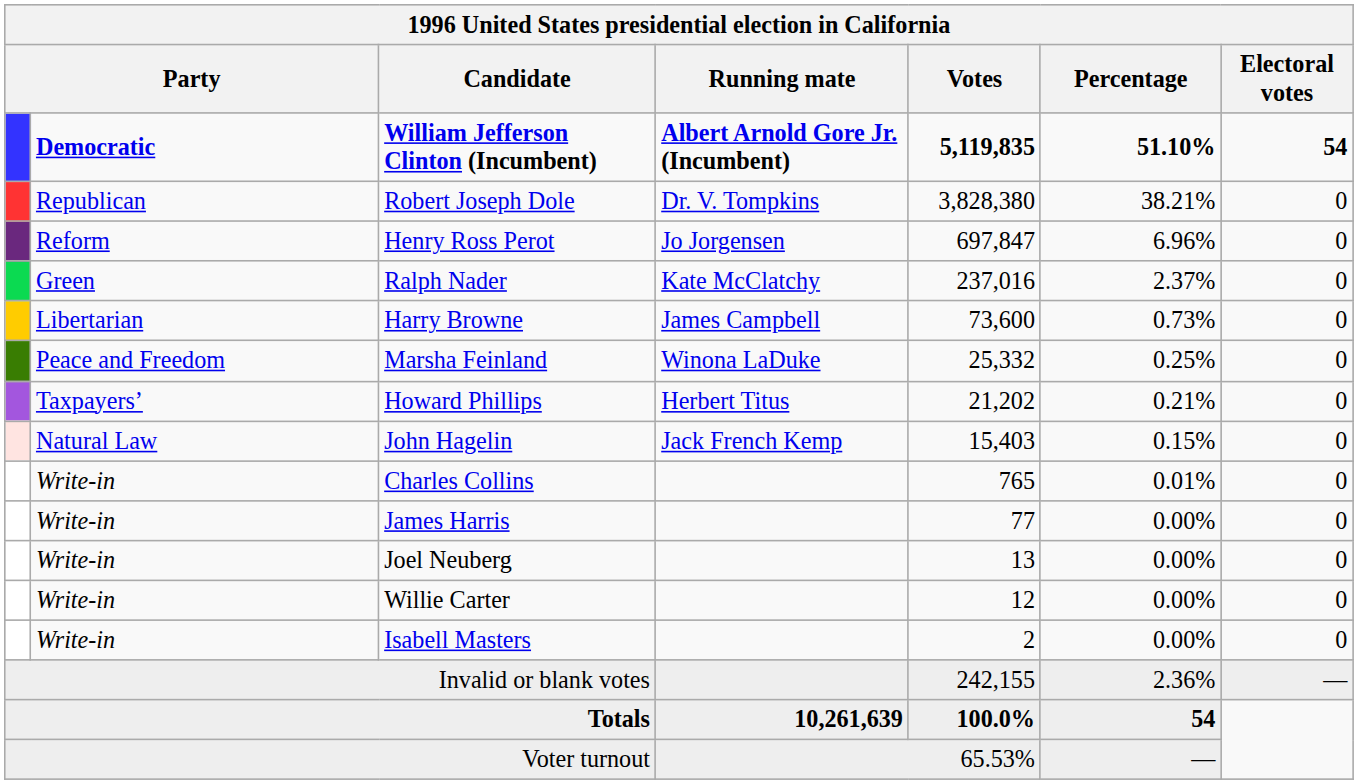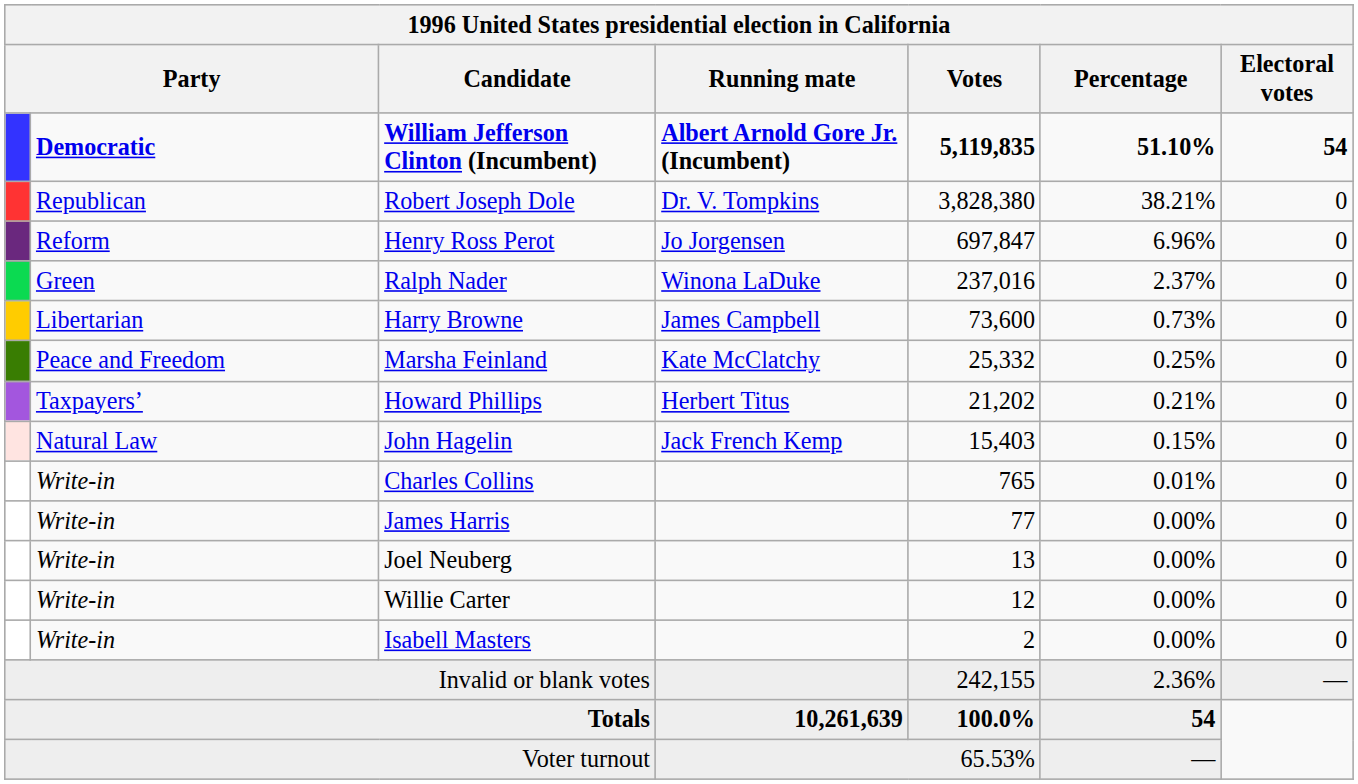 <table class="wikitable" style="font-size: 95%;">
 <tr>
 <th colspan="7">1996 United States presidential election in California</th>
 </tr>
 <tr>
 <th colspan="2" style="width: 15em">Party</th>
 <th style="width: 11em">Candidate</th>
 <th style="width: 10em">Running mate</th>
 <th style="width: 5em">Votes</th>
 <th style="width: 7em">Percentage</th>
 <th style="width: 5em">Electoral votes</th>
 </tr>
 <tr>
 <th style="background-color:#3333FF; width: 3px"></th>
 <td style="width: 130px"><strong><a href='#'>Democratic</a></strong></td>
 <td><strong><a href='#'>William Jefferson Clinton</a></strong> <strong>(Incumbent)</strong></td>
 <td><strong><a href='#'>Albert Arnold Gore Jr.</a></strong> <strong>(Incumbent)</strong></td>
 <td align="right"><strong>5,119,835</strong></td>
 <td align="right"><strong>51.10%</strong></td>
 <td align="right"><strong>54</strong></td>
 </tr>
 <tr>
 <th style="background-color:#FF3333; width: 3px"></th>
 <td style="width: 130px"><a href='#'>Republican</a></td>
 <td><a href='#'>Robert Joseph Dole</a></td>
 <td><a href='#'>Dr. V. Tompkins</a></td>
 <td align="right">3,828,380</td>
 <td align="right">38.21%</td>
 <td align="right">0</td>
 </tr>
 <tr>
 <th style="background-color:#6A287E; width: 3px"></th>
 <td style="width: 130px"><a href='#'>Reform</a></td>
 <td><a href='#'>Henry Ross Perot</a></td>
 <td><a href='#'>Jo Jorgensen</a></td>
 <td align="right">697,847</td>
 <td align="right">6.96%</td>
 <td align="right">0</td>
 </tr>
 <tr>
 <th style="background-color:#0BDA51; width: 3px"></th>
 <td style="width: 130px"><a href='#'>Green</a></td>
 <td><a href='#'>Ralph Nader</a></td>
-<td><a href='#'>Kate McClatchy</a></td>
+<td><a href='#'>Winona LaDuke</a></td>
 <td align="right">237,016</td>
 <td align="right">2.37%</td>
 <td align="right">0</td>
 </tr>
 <tr>
 <th style="background-color:#FFCC00; width: 3px"></th>
 <td style="width: 130px"><a href='#'>Libertarian</a></td>
 <td><a href='#'>Harry Browne</a></td>
 <td><a href='#'>James Campbell</a></td>
 <td align="right">73,600</td>
 <td align="right">0.73%</td>
 <td align="right">0</td>
 </tr>
 <tr>
 <th style="background-color:#397D02; width: 3px"></th>
 <td style="width: 130px"><a href='#'>Peace and Freedom</a></td>
 <td><a href='#'>Marsha Feinland</a></td>
-<td><a href='#'>Winona LaDuke</a></td>
+<td><a href='#'>Kate McClatchy</a></td>
 <td align="right">25,332</td>
 <td align="right">0.25%</td>
 <td align="right">0</td>
 </tr>
 <tr>
 <th style="background-color:#A356DE; width: 3px"></th>
 <td style="width: 130px"><a href='#'>Taxpayers’</a></td>
 <td><a href='#'>Howard Phillips</a></td>
 <td><a href='#'>Herbert Titus</a></td>
 <td align="right">21,202</td>
 <td align="right">0.21%</td>
 <td align="right">0</td>
 </tr>
 <tr>
 <th style="background-color:#ffe4e1; width: 3px"></th>
 <td style="width: 130px"><a href='#'>Natural Law</a></td>
 <td><a href='#'>John Hagelin</a></td>
 <td><a href='#'>Jack French Kemp</a></td>
 <td align="right">15,403</td>
 <td align="right">0.15%</td>
 <td align="right">0</td>
 </tr>
 <tr>
 <th style="background-color:#FFFFFF; width: 3px"></th>
 <td style="width: 130px"><em>Write-in</em></td>
 <td><a href='#'>Charles Collins</a></td>
 <td></td>
 <td align="right">765</td>
 <td align="right">0.01%</td>
 <td align="right">0</td>
 </tr>
 <tr>
 <th style="background-color:#FFFFFF; width: 3px"></th>
 <td style="width: 130px"><em>Write-in</em></td>
 <td><a href='#'>James Harris</a></td>
 <td></td>
 <td align="right">77</td>
 <td align="right">0.00%</td>
 <td align="right">0</td>
 </tr>
 <tr>
 <th style="background-color:#FFFFFF; width: 3px"></th>
 <td style="width: 130px"><em>Write-in</em></td>
 <td>Joel Neuberg</td>
 <td></td>
 <td align="right">13</td>
 <td align="right">0.00%</td>
 <td align="right">0</td>
 </tr>
 <tr>
 <th style="background-color:#FFFFFF; width: 3px"></th>
 <td style="width: 130px"><em>Write-in</em></td>
 <td>Willie Carter</td>
 <td></td>
 <td align="right">12</td>
 <td align="right">0.00%</td>
 <td align="right">0</td>
 </tr>
 <tr>
 <th style="background-color:#FFFFFF; width: 3px"></th>
 <td style="width: 130px"><em>Write-in</em></td>
 <td><a href='#'>Isabell Masters</a></td>
 <td></td>
 <td align="right">2</td>
 <td align="right">0.00%</td>
 <td align="right">0</td>
 </tr>
 <tr bgcolor="#EEEEEE">
 <td colspan="3" align="right">Invalid or blank votes</td>
 <td></td>
 <td align="right">242,155</td>
 <td align="right">2.36%</td>
 <td align="right">—</td>
 </tr>
 <tr bgcolor="#EEEEEE">
 <td colspan="3" align="right"><strong>Totals</strong></td>
 <td align="right"><strong>10,261,639</strong></td>
 <td align="right"><strong>100.0%</strong></td>
 <td align="right"><strong>54</strong></td>
 </tr>
 <tr bgcolor="#EEEEEE">
 <td colspan="3" align="right">Voter turnout</td>
 <td colspan="2" align="right">65.53%</td>
 <td align="right">—</td>
 </tr>
 </table>
